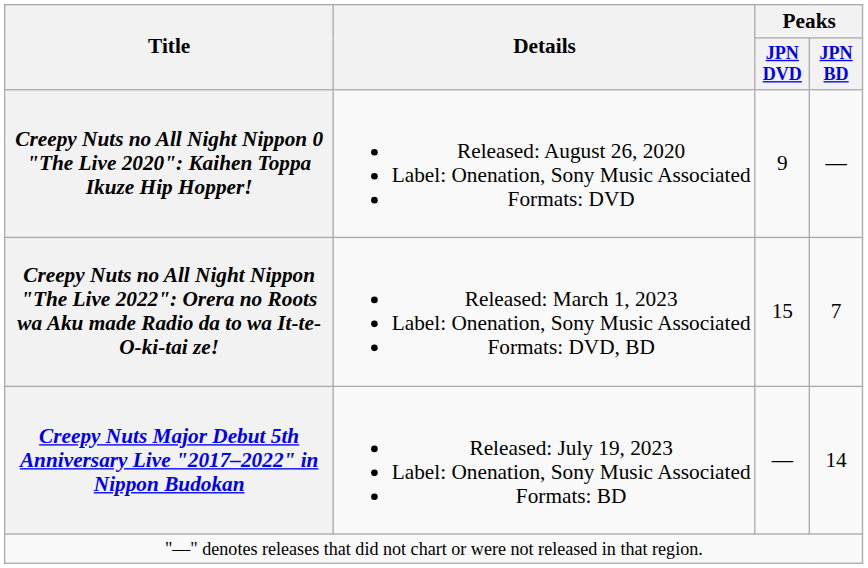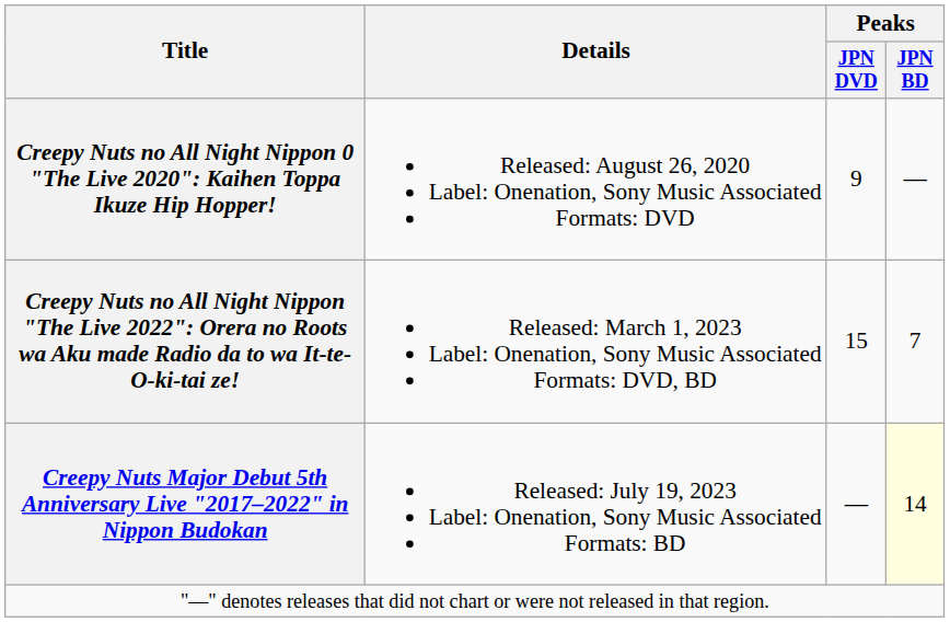 <table class="wikitable plainrowheaders" style="text-align:center">
 <tr>
 <th scope="col" rowspan="2" style="width:15em">Title</th>
 <th scope="col" rowspan="2">Details</th>
 <th scope="col" colspan="2">Peaks</th>
 </tr>
 <tr>
 <th scope="col" style="width:2.5em;font-size:85%"><a href='#'>JPN<br>DVD</a><br></th>
 <th scope="col" style="width:2.5em;font-size:85%"><a href='#'>JPN<br>BD</a><br></th>
 </tr>
 <tr>
 <th scope="row"><em>Creepy Nuts no All Night Nippon 0 "The Live 2020": Kaihen Toppa Ikuze Hip Hopper!</em></th>
 <td><br><ul><li>Released: August 26, 2020</li><li>Label: Onenation, Sony Music Associated</li><li>Formats: DVD</li></ul></td>
 <td>9</td>
 <td>—</td>
 </tr>
 <tr>
 <th scope="row"><em>Creepy Nuts no All Night Nippon "The Live 2022": Orera no Roots wa Aku made Radio da to wa It-te-O-ki-tai ze!</em></th>
 <td><br><ul><li>Released: March 1, 2023</li><li>Label: Onenation, Sony Music Associated</li><li>Formats: DVD, BD</li></ul></td>
 <td>15</td>
 <td>7</td>
 </tr>
 <tr>
 <th scope="row"><em><a href='#'>Creepy Nuts Major Debut 5th Anniversary Live "2017–2022" in Nippon Budokan</a></em></th>
 <td><br><ul><li>Released: July 19, 2023</li><li>Label: Onenation, Sony Music Associated</li><li>Formats: BD</li></ul></td>
 <td>—</td>
-<td>14</td>
+<td style="background: lightyellow;">14</td>
 </tr>
 <tr>
 <td colspan="4" style="font-size:85%">"—" denotes releases that did not chart or were not released in that region.</td>
 </tr>
 </table>
